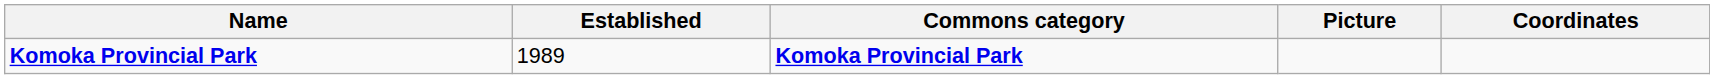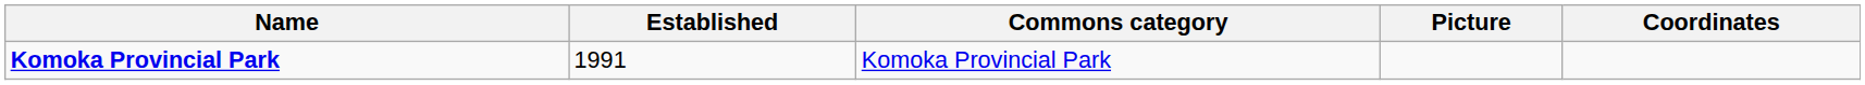 <table class='wikitable sortable' style='width:100%'>
 <tr>
 <th>Name</th>
 <th>Established</th>
 <th>Commons category</th>
 <th>Picture</th>
 <th>Coordinates</th>
 </tr>
 <tr>
 <td><strong><a href='#'>Komoka Provincial Park</a></strong></td>
-<td>1989</td>
-<td><strong><a href='#'>Komoka Provincial Park</a></strong></td>
+<td>1991</td>
+<td><a href='#'>Komoka Provincial Park</a></td>
 <td></td>
 <td></td>
 </tr>
 </table>
